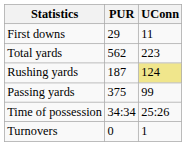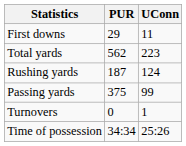 <table class="wikitable">
 <tr>
 <th>Statistics</th>
 <th>PUR</th>
 <th>UConn</th>
 </tr>
 <tr>
 <td>First downs</td>
 <td>29</td>
 <td>11</td>
 </tr>
 <tr>
 <td>Total yards</td>
 <td>562</td>
 <td>223</td>
 </tr>
 <tr>
 <td>Rushing yards</td>
 <td>187</td>
-<td style="background: khaki;">124</td>
+<td>124</td>
 </tr>
 <tr>
 <td>Passing yards</td>
 <td>375</td>
 <td>99</td>
 </tr>
 <tr>
+<td>Turnovers</td>
+<td>0</td>
+<td>1</td>
+</tr>
+<tr>
 <td>Time of possession</td>
 <td>34:34</td>
 <td>25:26</td>
 </tr>
-<tr>
-<td>Turnovers</td>
-<td>0</td>
-<td>1</td>
-</tr>
 </table>
